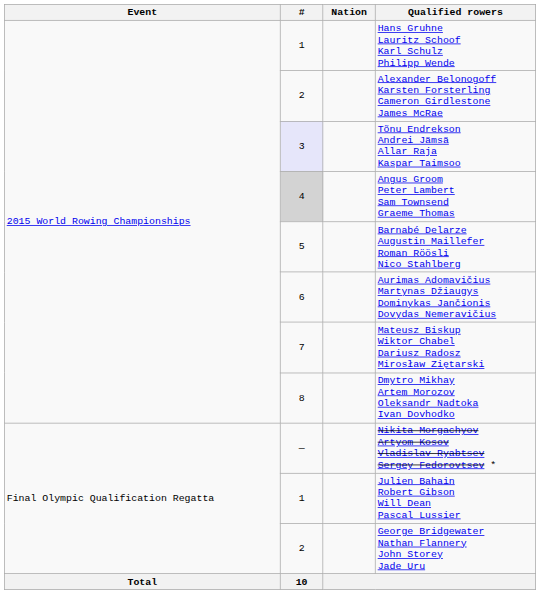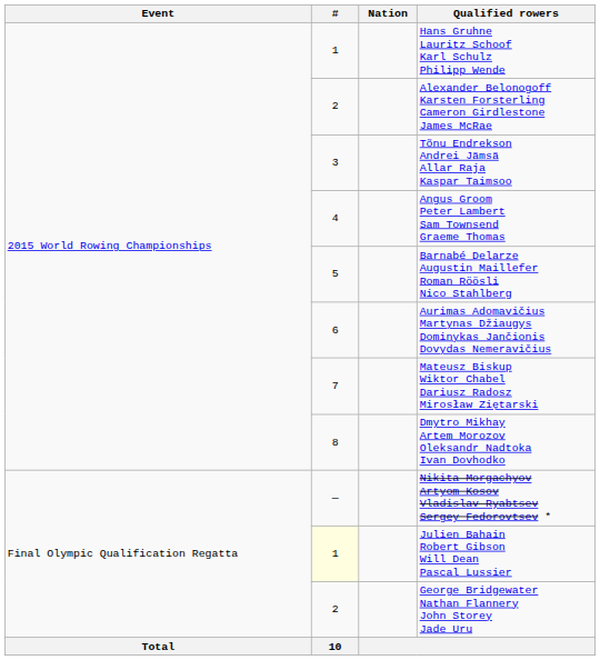 <table class="wikitable"  style="width:700px; text-align:center;">
 <tr>
 <th>Event</th>
 <th width=50>#</th>
 <th>Nation</th>
 <th>Qualified rowers</th>
 </tr>
 <tr>
 <td rowspan=8 align=left><a href='#'>2015 World Rowing Championships</a></td>
 <td>1</td>
 <td align=left></td>
 <td align=left><a href='#'>Hans Gruhne</a><br><a href='#'>Lauritz Schoof</a><br><a href='#'>Karl Schulz</a><br><a href='#'>Philipp Wende</a></td>
 </tr>
 <tr>
 <td>2</td>
 <td align=left></td>
 <td align=left><a href='#'>Alexander Belonogoff</a><br><a href='#'>Karsten Forsterling</a><br><a href='#'>Cameron Girdlestone</a><br><a href='#'>James McRae</a></td>
 </tr>
 <tr>
-<td style="background: lavender;">3</td>
+<td>3</td>
 <td align=left></td>
 <td align=left><a href='#'>Tõnu Endrekson</a><br><a href='#'>Andrei Jämsä</a><br><a href='#'>Allar Raja</a><br><a href='#'>Kaspar Taimsoo</a></td>
 </tr>
 <tr>
-<td style="background: lightgrey;">4</td>
+<td>4</td>
 <td align=left></td>
 <td align=left><a href='#'>Angus Groom</a><br><a href='#'>Peter Lambert</a><br><a href='#'>Sam Townsend</a><br><a href='#'>Graeme Thomas</a></td>
 </tr>
 <tr>
 <td>5</td>
 <td align=left></td>
 <td align=left><a href='#'>Barnabé Delarze</a><br><a href='#'>Augustin Maillefer</a><br><a href='#'>Roman Röösli</a><br><a href='#'>Nico Stahlberg</a></td>
 </tr>
 <tr>
 <td>6</td>
 <td align=left></td>
 <td align=left><a href='#'>Aurimas Adomavičius</a><br><a href='#'>Martynas Džiaugys</a><br><a href='#'>Dominykas Jančionis</a><br><a href='#'>Dovydas Nemeravičius</a></td>
 </tr>
 <tr>
 <td>7</td>
 <td align=left></td>
 <td align=left><a href='#'>Mateusz Biskup</a><br><a href='#'>Wiktor Chabel</a><br><a href='#'>Dariusz Radosz</a><br><a href='#'>Mirosław Ziętarski</a></td>
 </tr>
 <tr>
 <td>8</td>
 <td align=left></td>
 <td align=left><a href='#'>Dmytro Mikhay</a><br><a href='#'>Artem Morozov</a><br><a href='#'>Oleksandr Nadtoka</a><br><a href='#'>Ivan Dovhodko</a></td>
 </tr>
 <tr>
 <td rowspan=3 align=left>Final Olympic Qualification Regatta</td>
 <td>—</td>
 <td align=left><s></s></td>
 <td align=left><s> <a href='#'>Nikita Morgachyov</a><br><a href='#'>Artyom Kosov</a><br><a href='#'>Vladislav Ryabtsev</a><br><a href='#'>Sergey Fedorovtsev</a></s> *</td>
 </tr>
 <tr>
-<td>1</td>
+<td style="background: lightyellow;">1</td>
 <td align=left></td>
 <td align=left><a href='#'>Julien Bahain</a><br><a href='#'>Robert Gibson</a><br><a href='#'>Will Dean</a><br><a href='#'>Pascal Lussier</a></td>
 </tr>
 <tr>
 <td>2</td>
 <td align=left></td>
 <td align=left><a href='#'>George Bridgewater</a><br><a href='#'>Nathan Flannery</a><br><a href='#'>John Storey</a><br><a href='#'>Jade Uru</a></td>
 </tr>
 <tr>
 <th>Total</th>
 <th>10</th>
 <th colspan=2></th>
 </tr>
 </table>
